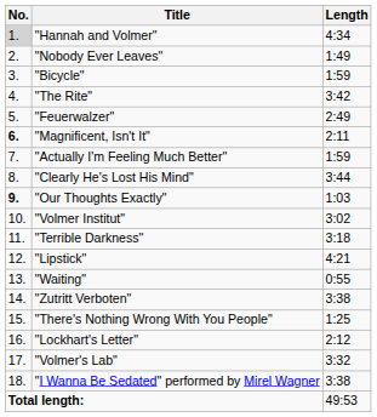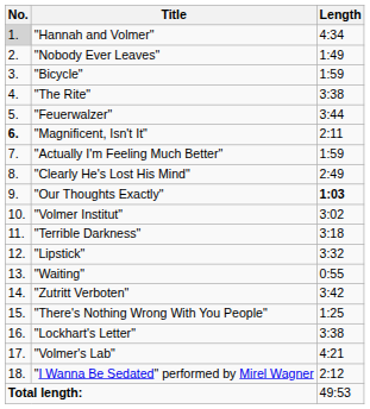 <table class="wikitable">
 <tr>
 <th><abbr>No.</abbr></th>
 <th>Title</th>
 <th>Length</th>
 </tr>
 <tr>
 <td style="background: lightgrey;">1.</td>
 <td>"Hannah and Volmer"</td>
 <td>4:34</td>
 </tr>
 <tr>
 <td>2.</td>
 <td>"Nobody Ever Leaves"</td>
 <td>1:49</td>
 </tr>
 <tr>
 <td>3.</td>
 <td>"Bicycle"</td>
 <td>1:59</td>
 </tr>
 <tr>
 <td>4.</td>
 <td>"The Rite"</td>
-<td>3:42</td>
+<td>3:38</td>
 </tr>
 <tr>
 <td>5.</td>
 <td>"Feuerwalzer"</td>
-<td>2:49</td>
+<td>3:44</td>
 </tr>
 <tr>
 <td><strong>6.</strong></td>
 <td>"Magnificent, Isn't It"</td>
 <td>2:11</td>
 </tr>
 <tr>
 <td>7.</td>
 <td>"Actually I'm Feeling Much Better"</td>
 <td>1:59</td>
 </tr>
 <tr>
 <td>8.</td>
 <td>"Clearly He's Lost His Mind"</td>
-<td>3:44</td>
+<td>2:49</td>
 </tr>
 <tr>
-<td><strong>9.</strong></td>
+<td>9.</td>
 <td>"Our Thoughts Exactly"</td>
-<td>1:03</td>
+<td><strong>1:03</strong></td>
 </tr>
 <tr>
 <td>10.</td>
 <td>"Volmer Institut"</td>
 <td>3:02</td>
 </tr>
 <tr>
 <td>11.</td>
 <td>"Terrible Darkness"</td>
 <td>3:18</td>
 </tr>
 <tr>
 <td>12.</td>
 <td>"Lipstick"</td>
-<td>4:21</td>
+<td>3:32</td>
 </tr>
 <tr>
 <td>13.</td>
 <td>"Waiting"</td>
 <td>0:55</td>
 </tr>
 <tr>
 <td>14.</td>
 <td>"Zutritt Verboten"</td>
-<td>3:38</td>
+<td>3:42</td>
 </tr>
 <tr>
 <td>15.</td>
 <td>"There's Nothing Wrong With You People"</td>
 <td>1:25</td>
 </tr>
 <tr>
 <td>16.</td>
 <td>"Lockhart's Letter"</td>
-<td>2:12</td>
+<td>3:38</td>
 </tr>
 <tr>
 <td>17.</td>
 <td>"Volmer's Lab"</td>
-<td>3:32</td>
+<td>4:21</td>
 </tr>
 <tr>
 <td>18.</td>
 <td>"<a href='#'>I Wanna Be Sedated</a>" performed by <a href='#'>Mirel Wagner</a></td>
-<td>3:38</td>
+<td>2:12</td>
 </tr>
 <tr>
 <td colspan="2"><strong>Total length:</strong></td>
 <td>49:53</td>
 </tr>
 </table>
